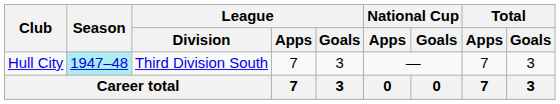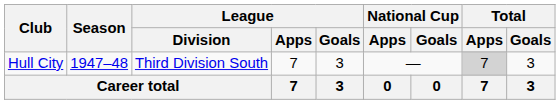 <table class="wikitable" style="text-align:center">
 <tr>
 <th rowspan="2">Club</th>
 <th rowspan="2">Season</th>
 <th colspan="3">League</th>
 <th colspan="2">National Cup</th>
 <th colspan="2">Total</th>
 </tr>
 <tr>
 <th>Division</th>
 <th>Apps</th>
 <th>Goals</th>
 <th>Apps</th>
 <th>Goals</th>
 <th>Apps</th>
 <th>Goals</th>
 </tr>
 <tr>
 <td><a href='#'>Hull City</a></td>
-<td style="background: paleturquoise;"><a href='#'>1947–48</a></td>
+<td><a href='#'>1947–48</a></td>
 <td><a href='#'>Third Division South</a></td>
 <td>7</td>
 <td>3</td>
 <td colspan="2">―</td>
-<td>7</td>
+<td style="background: lightgrey;">7</td>
 <td>3</td>
 </tr>
 <tr>
 <th colspan="3">Career total</th>
 <th>7</th>
 <th>3</th>
 <th>0</th>
 <th>0</th>
 <th>7</th>
 <th>3</th>
 </tr>
 </table>
